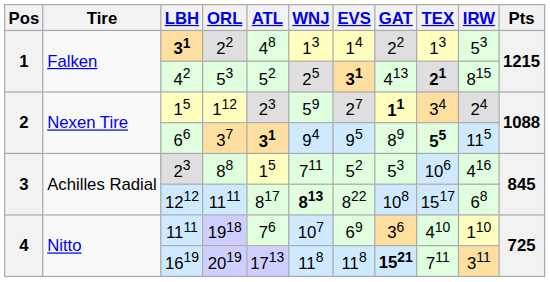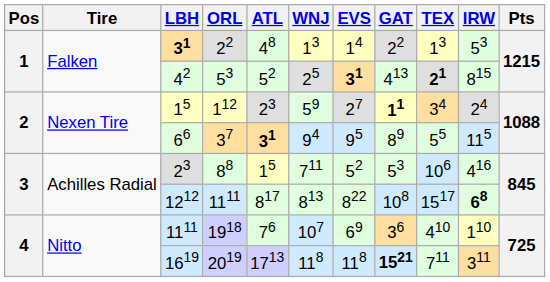 <table class="wikitable" style="font-size:85%;text-align:center">
 <tr>
 <th>Pos</th>
 <th>Tire</th>
 <th><a href='#'>LBH</a></th>
 <th><a href='#'>ORL</a></th>
 <th><a href='#'>ATL</a></th>
 <th><a href='#'>WNJ</a></th>
 <th><a href='#'>EVS</a></th>
 <th><a href='#'>GAT</a></th>
 <th><a href='#'>TEX</a></th>
 <th><a href='#'>IRW</a></th>
 <th>Pts</th>
 </tr>
 <tr>
 <th rowspan=2>1</th>
 <td rowspan=2 align=left><a href='#'>Falken</a></td>
 <td style="background:#ffdf9f;"><strong>3<sup>1</sup></strong></td>
 <td style="background:#dfdfdf;">2<sup>2</sup></td>
 <td style="background:#dfffdf;">4<sup>8</sup></td>
 <td style="background:#ffffbf;">1<sup>3</sup></td>
 <td style="background:#ffffbf;">1<sup>4</sup></td>
 <td style="background:#dfdfdf;">2<sup>2</sup></td>
 <td style="background:#ffffbf;">1<sup>3</sup></td>
 <td style="background:#dfffdf;">5<sup>3</sup></td>
 <th rowspan=2>1215</th>
 </tr>
 <tr>
 <td style="background:#dfffdf;">4<sup>2</sup></td>
 <td style="background:#dfffdf;">5<sup>3</sup></td>
 <td style="background:#dfffdf;">5<sup>2</sup></td>
 <td style="background:#dfdfdf;">2<sup>5</sup></td>
 <td style="background:#ffdf9f;"><strong>3<sup>1</sup></strong></td>
 <td style="background:#dfffdf;">4<sup>13</sup></td>
 <td style="background:#dfdfdf;"><strong>2<sup>1</sup></strong></td>
 <td style="background:#dfffdf;">8<sup>15</sup></td>
 </tr>
 <tr>
 <th rowspan=2>2</th>
 <td rowspan=2 align=left><a href='#'>Nexen Tire</a></td>
 <td style="background:#ffffbf;">1<sup>5</sup></td>
 <td style="background:#ffffbf;">1<sup>12</sup></td>
 <td style="background:#dfdfdf;">2<sup>3</sup></td>
 <td style="background:#dfffdf;">5<sup>9</sup></td>
 <td style="background:#dfdfdf;">2<sup>7</sup></td>
 <td style="background:#ffffbf;"><strong>1<sup>1</sup></strong></td>
 <td style="background:#ffdf9f;">3<sup>4</sup></td>
 <td style="background:#dfdfdf;">2<sup>4</sup></td>
 <th rowspan=2>1088</th>
 </tr>
 <tr>
 <td style="background:#dfffdf;">6<sup>6</sup></td>
 <td style="background:#ffdf9f;">3<sup>7</sup></td>
 <td style="background:#ffdf9f;"><strong>3<sup>1</sup></strong></td>
 <td style="background:#cfeaff;">9<sup>4</sup></td>
 <td style="background:#cfeaff;">9<sup>5</sup></td>
 <td style="background:#dfffdf;">8<sup>9</sup></td>
-<td style="background:#dfffdf;"><strong>5<sup>5</sup></strong></td>
+<td style="background:#dfffdf;">5<sup>5</sup></td>
 <td style="background:#cfeaff;">11<sup>5</sup></td>
 </tr>
 <tr>
 <th rowspan=2>3</th>
 <td rowspan=2 align=left>Achilles Radial</td>
 <td style="background:#dfdfdf;">2<sup>3</sup></td>
 <td style="background:#dfffdf;">8<sup>8</sup></td>
 <td style="background:#ffffbf;">1<sup>5</sup></td>
 <td style="background:#dfffdf;">7<sup>11</sup></td>
 <td style="background:#dfffdf;">5<sup>2</sup></td>
 <td style="background:#dfffdf;">5<sup>3</sup></td>
 <td style="background:#cfeaff;">10<sup>6</sup></td>
 <td style="background:#dfffdf;">4<sup>16</sup></td>
 <th rowspan=2>845</th>
 </tr>
 <tr>
 <td style="background:#cfeaff;">12<sup>12</sup></td>
 <td style="background:#cfeaff;">11<sup>11</sup></td>
 <td style="background:#dfffdf;">8<sup>17</sup></td>
-<td style="background:#dfffdf;"><strong>8<sup>13</sup></strong></td>
+<td style="background:#dfffdf;">8<sup>13</sup></td>
 <td style="background:#dfffdf;">8<sup>22</sup></td>
 <td style="background:#cfeaff;">10<sup>8</sup></td>
 <td style="background:#cfeaff;">15<sup>17</sup></td>
-<td style="background:#dfffdf;">6<sup>8</sup></td>
+<td style="background:#dfffdf;"><strong>6<sup>8</sup></strong></td>
 </tr>
 <tr>
 <th rowspan=2>4</th>
 <td rowspan=2 align=left><a href='#'>Nitto</a></td>
 <td style="background:#cfeaff;">11<sup>11</sup></td>
 <td style="background:#cfcfff;">19<sup>18</sup></td>
 <td style="background:#dfffdf;">7<sup>6</sup></td>
 <td style="background:#cfeaff;">10<sup>7</sup></td>
 <td style="background:#dfffdf;">6<sup>9</sup></td>
 <td style="background:#ffdf9f;">3<sup>6</sup></td>
 <td style="background:#dfffdf;">4<sup>10</sup></td>
 <td style="background:#ffffbf;">1<sup>10</sup></td>
 <th rowspan=2>725</th>
 </tr>
 <tr>
 <td style="background:#cfeaff;">16<sup>19</sup></td>
 <td style="background:#cfcfff;">20<sup>19</sup></td>
 <td style="background:#cfcfff;">17<sup>13</sup></td>
 <td style="background:#cfeaff;">11<sup>8</sup></td>
 <td style="background:#cfeaff;">11<sup>8</sup></td>
 <td style="background:#cfeaff;"><strong>15<sup>21</sup></strong></td>
 <td style="background:#dfffdf;">7<sup>11</sup></td>
 <td style="background:#ffdf9f;">3<sup>11</sup></td>
 </tr>
 </table>
